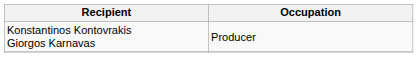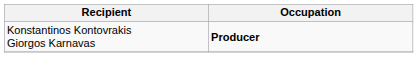 <table class="wikitable" width="95%" cellpadding="5">
 <tr>
 <th width="25%">Recipient</th>
 <th width="25%">Occupation</th>
 </tr>
 <tr>
 <td> Konstantinos Kontovrakis <br>  Giorgos Karnavas</td>
-<td>Producer</td>
+<td><strong>Producer</strong></td>
 </tr>
 <tr>
 </tr>
 </table>
